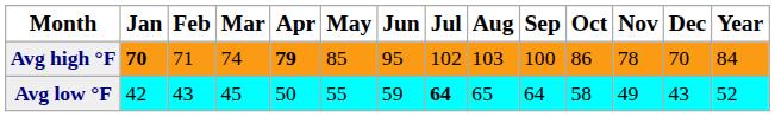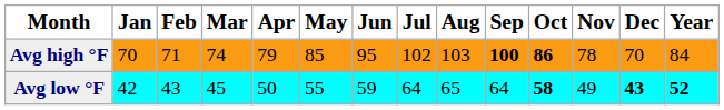 <table class="wikitable" "text-align:center;font-size:90%;">
 <tr>
 <th style="background:#fff; color:#000; height:17px;">Month</th>
 <th style="background:#fff; color:#000;">Jan</th>
 <th style="background:#fff; color:#000;">Feb</th>
 <th style="background:#fff; color:#000;">Mar</th>
 <th style="background:#fff; color:#000;">Apr</th>
 <th style="background:#fff; color:#000;">May</th>
 <th style="background:#fff; color:#000;">Jun</th>
 <th style="background:#fff; color:#000;">Jul</th>
 <th style="background:#fff; color:#000;">Aug</th>
 <th style="background:#fff; color:#000;">Sep</th>
 <th style="background:#fff; color:#000;">Oct</th>
 <th style="background:#fff; color:#000;">Nov</th>
 <th style="background:#fff; color:#000;">Dec</th>
 <th style="background:#fff; color:#000;">Year</th>
 </tr>
 <tr>
 <th style="background:#efefef; color:navy; font-size:90%;">Avg high °F</th>
-<td style="background:#fb9b13; color:#000; font-size:90%;"><strong>70</strong></td>
+<td style="background:#fb9b13; color:#000; font-size:90%;">70</td>
 <td style="background:#fb9b13; color:#000; font-size:90%;">71</td>
 <td style="background:#fb9b13; color:#000; font-size:90%;">74</td>
-<td style="background:#fb9b13; color:#000; font-size:90%;"><strong>79</strong></td>
+<td style="background:#fb9b13; color:#000; font-size:90%;">79</td>
 <td style="background:#fb9b13; color:#000; font-size:90%;">85</td>
 <td style="background:#fb9b13; color:#000; font-size:90%;">95</td>
 <td style="background:#fb9b13; color:#000; font-size:90%;">102</td>
 <td style="background:#fb9b13; color:#000; font-size:90%;">103</td>
-<td style="background:#fb9b13; color:#000; font-size:90%;">100</td>
-<td style="background:#fb9b13; color:#000; font-size:90%;">86</td>
+<td style="background:#fb9b13; color:#000; font-size:90%;"><strong>100</strong></td>
+<td style="background:#fb9b13; color:#000; font-size:90%;"><strong>86</strong></td>
 <td style="background:#fb9b13; color:#000; font-size:90%;">78</td>
 <td style="background:#fb9b13; color:#000; font-size:90%;">70</td>
 <td style="background:#fb9b13; color:#000; font-size:90%;">84</td>
 </tr>
 <tr>
 <th style="background:#efefef; color:navy; font-size:90%; height:16px;">Avg low °F</th>
 <td style="background:#0ff; color:black; font-size:90%;">42</td>
 <td style="background:#0ff; color:black; font-size:90%;">43</td>
 <td style="background:#0ff; color:black; font-size:90%;">45</td>
 <td style="background:#0ff; color:black; font-size:90%;">50</td>
 <td style="background:#0ff; color:black; font-size:90%;">55</td>
 <td style="background:#0ff; color:black; font-size:90%;">59</td>
-<td style="background:#0ff; color:black; font-size:90%;"><strong>64</strong></td>
+<td style="background:#0ff; color:black; font-size:90%;">64</td>
 <td style="background:#0ff; color:black; font-size:90%;">65</td>
 <td style="background:#0ff; color:black; font-size:90%;">64</td>
-<td style="background:#0ff; color:black; font-size:90%;">58</td>
+<td style="background:#0ff; color:black; font-size:90%;"><strong>58</strong></td>
 <td style="background:#0ff; color:black; font-size:90%;">49</td>
-<td style="background:#0ff; color:black; font-size:90%;">43</td>
-<td style="background:#0ff; color:black; font-size:90%;">52</td>
+<td style="background:#0ff; color:black; font-size:90%;"><strong>43</strong></td>
+<td style="background:#0ff; color:black; font-size:90%;"><strong>52</strong></td>
 </tr>
 </table>
